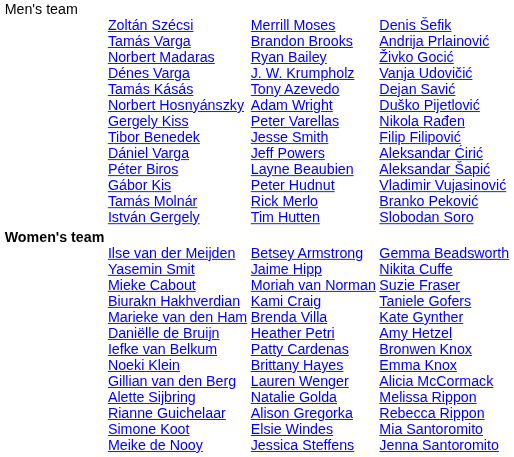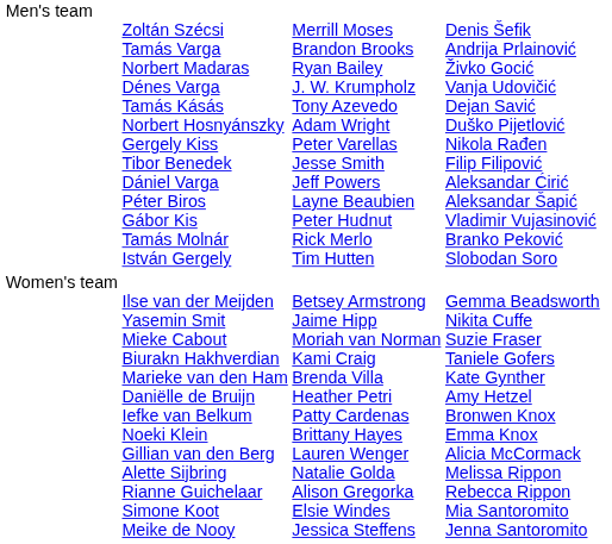 <table>
 <tr valign="top">
 <td>Men's team<br></td>
 <td><br><a href='#'>Zoltán Szécsi</a><br><a href='#'>Tamás Varga</a><br><a href='#'>Norbert Madaras</a><br><a href='#'>Dénes Varga</a><br><a href='#'>Tamás Kásás</a><br><a href='#'>Norbert Hosnyánszky</a><br><a href='#'>Gergely Kiss</a><br><a href='#'>Tibor Benedek</a><br><a href='#'>Dániel Varga</a><br><a href='#'>Péter Biros</a><br><a href='#'>Gábor Kis</a><br><a href='#'>Tamás Molnár</a><br><a href='#'>István Gergely</a></td>
 <td><br><a href='#'>Merrill Moses</a><br><a href='#'>Brandon Brooks</a><br><a href='#'>Ryan Bailey</a><br><a href='#'>J. W. Krumpholz</a><br><a href='#'>Tony Azevedo</a><br><a href='#'>Adam Wright</a><br><a href='#'>Peter Varellas</a><br><a href='#'>Jesse Smith</a><br><a href='#'>Jeff Powers</a><br><a href='#'>Layne Beaubien</a><br><a href='#'>Peter Hudnut</a><br><a href='#'>Rick Merlo</a><br><a href='#'>Tim Hutten</a></td>
 <td><br><a href='#'>Denis Šefik</a><br><a href='#'>Andrija Prlainović</a><br><a href='#'>Živko Gocić</a><br><a href='#'>Vanja Udovičić</a><br><a href='#'>Dejan Savić</a><br><a href='#'>Duško Pijetlović</a><br><a href='#'>Nikola Rađen</a><br><a href='#'>Filip Filipović</a><br><a href='#'>Aleksandar Ćirić</a><br><a href='#'>Aleksandar Šapić</a><br><a href='#'>Vladimir Vujasinović</a><br><a href='#'>Branko Peković</a><br><a href='#'>Slobodan Soro</a></td>
 </tr>
 <tr valign="top">
-<td><strong>Women's team<br></strong></td>
+<td>Women's team<br></td>
 <td><br><a href='#'>Ilse van der Meijden</a><br><a href='#'>Yasemin Smit</a><br><a href='#'>Mieke Cabout</a><br><a href='#'>Biurakn Hakhverdian</a><br><a href='#'>Marieke van den Ham</a><br><a href='#'>Daniëlle de Bruijn</a><br><a href='#'>Iefke van Belkum</a><br><a href='#'>Noeki Klein</a><br><a href='#'>Gillian van den Berg</a><br><a href='#'>Alette Sijbring</a><br><a href='#'>Rianne Guichelaar</a><br><a href='#'>Simone Koot</a><br><a href='#'>Meike de Nooy</a></td>
 <td><br><a href='#'>Betsey Armstrong</a><br><a href='#'>Jaime Hipp</a><br><a href='#'>Moriah van Norman</a><br><a href='#'>Kami Craig</a><br><a href='#'>Brenda Villa</a><br><a href='#'>Heather Petri</a><br><a href='#'>Patty Cardenas</a><br><a href='#'>Brittany Hayes</a><br><a href='#'>Lauren Wenger</a><br><a href='#'>Natalie Golda</a><br><a href='#'>Alison Gregorka</a><br><a href='#'>Elsie Windes</a><br><a href='#'>Jessica Steffens</a></td>
 <td><br><a href='#'>Gemma Beadsworth</a><br><a href='#'>Nikita Cuffe</a><br><a href='#'>Suzie Fraser</a><br><a href='#'>Taniele Gofers</a><br><a href='#'>Kate Gynther</a><br><a href='#'>Amy Hetzel</a><br><a href='#'>Bronwen Knox</a><br><a href='#'>Emma Knox</a><br><a href='#'>Alicia McCormack</a><br><a href='#'>Melissa Rippon</a><br><a href='#'>Rebecca Rippon</a><br><a href='#'>Mia Santoromito</a><br><a href='#'>Jenna Santoromito</a></td>
 </tr>
 </table>
